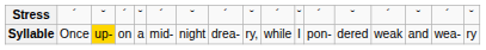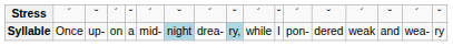 <table class="wikitable">
 <tr style="text-align:center;">
 <th>Stress</th>
 <td>´</td>
 <td>˘</td>
 <td>´</td>
 <td>˘</td>
 <td>´</td>
 <td>˘</td>
 <td>´</td>
 <td>˘</td>
 <td>´</td>
 <td>˘</td>
 <td>´</td>
 <td>˘</td>
 <td>´</td>
 <td>˘</td>
 <td>´</td>
 <td>˘</td>
 </tr>
 <tr>
 <th>Syllable</th>
 <td>Once</td>
-<td style="background: gold;">up-</td>
+<td>up-</td>
 <td>on</td>
 <td>a</td>
 <td>mid-</td>
-<td>night</td>
+<td style="background: lightblue;">night</td>
 <td>drea-</td>
-<td>ry,</td>
+<td style="background: lightblue;">ry,</td>
 <td>while</td>
 <td>I</td>
 <td>pon-</td>
 <td>dered</td>
 <td>weak</td>
 <td>and</td>
 <td>wea-</td>
 <td>ry</td>
 </tr>
 </table>
